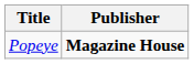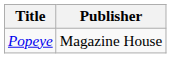 <table class="wikitable">
 <tr>
 <th>Title</th>
 <th>Publisher</th>
 </tr>
 <tr>
 <td><em><a href='#'>Popeye</a></em></td>
-<td><strong>Magazine House</strong></td>
+<td>Magazine House</td>
 </tr>
 </table>
